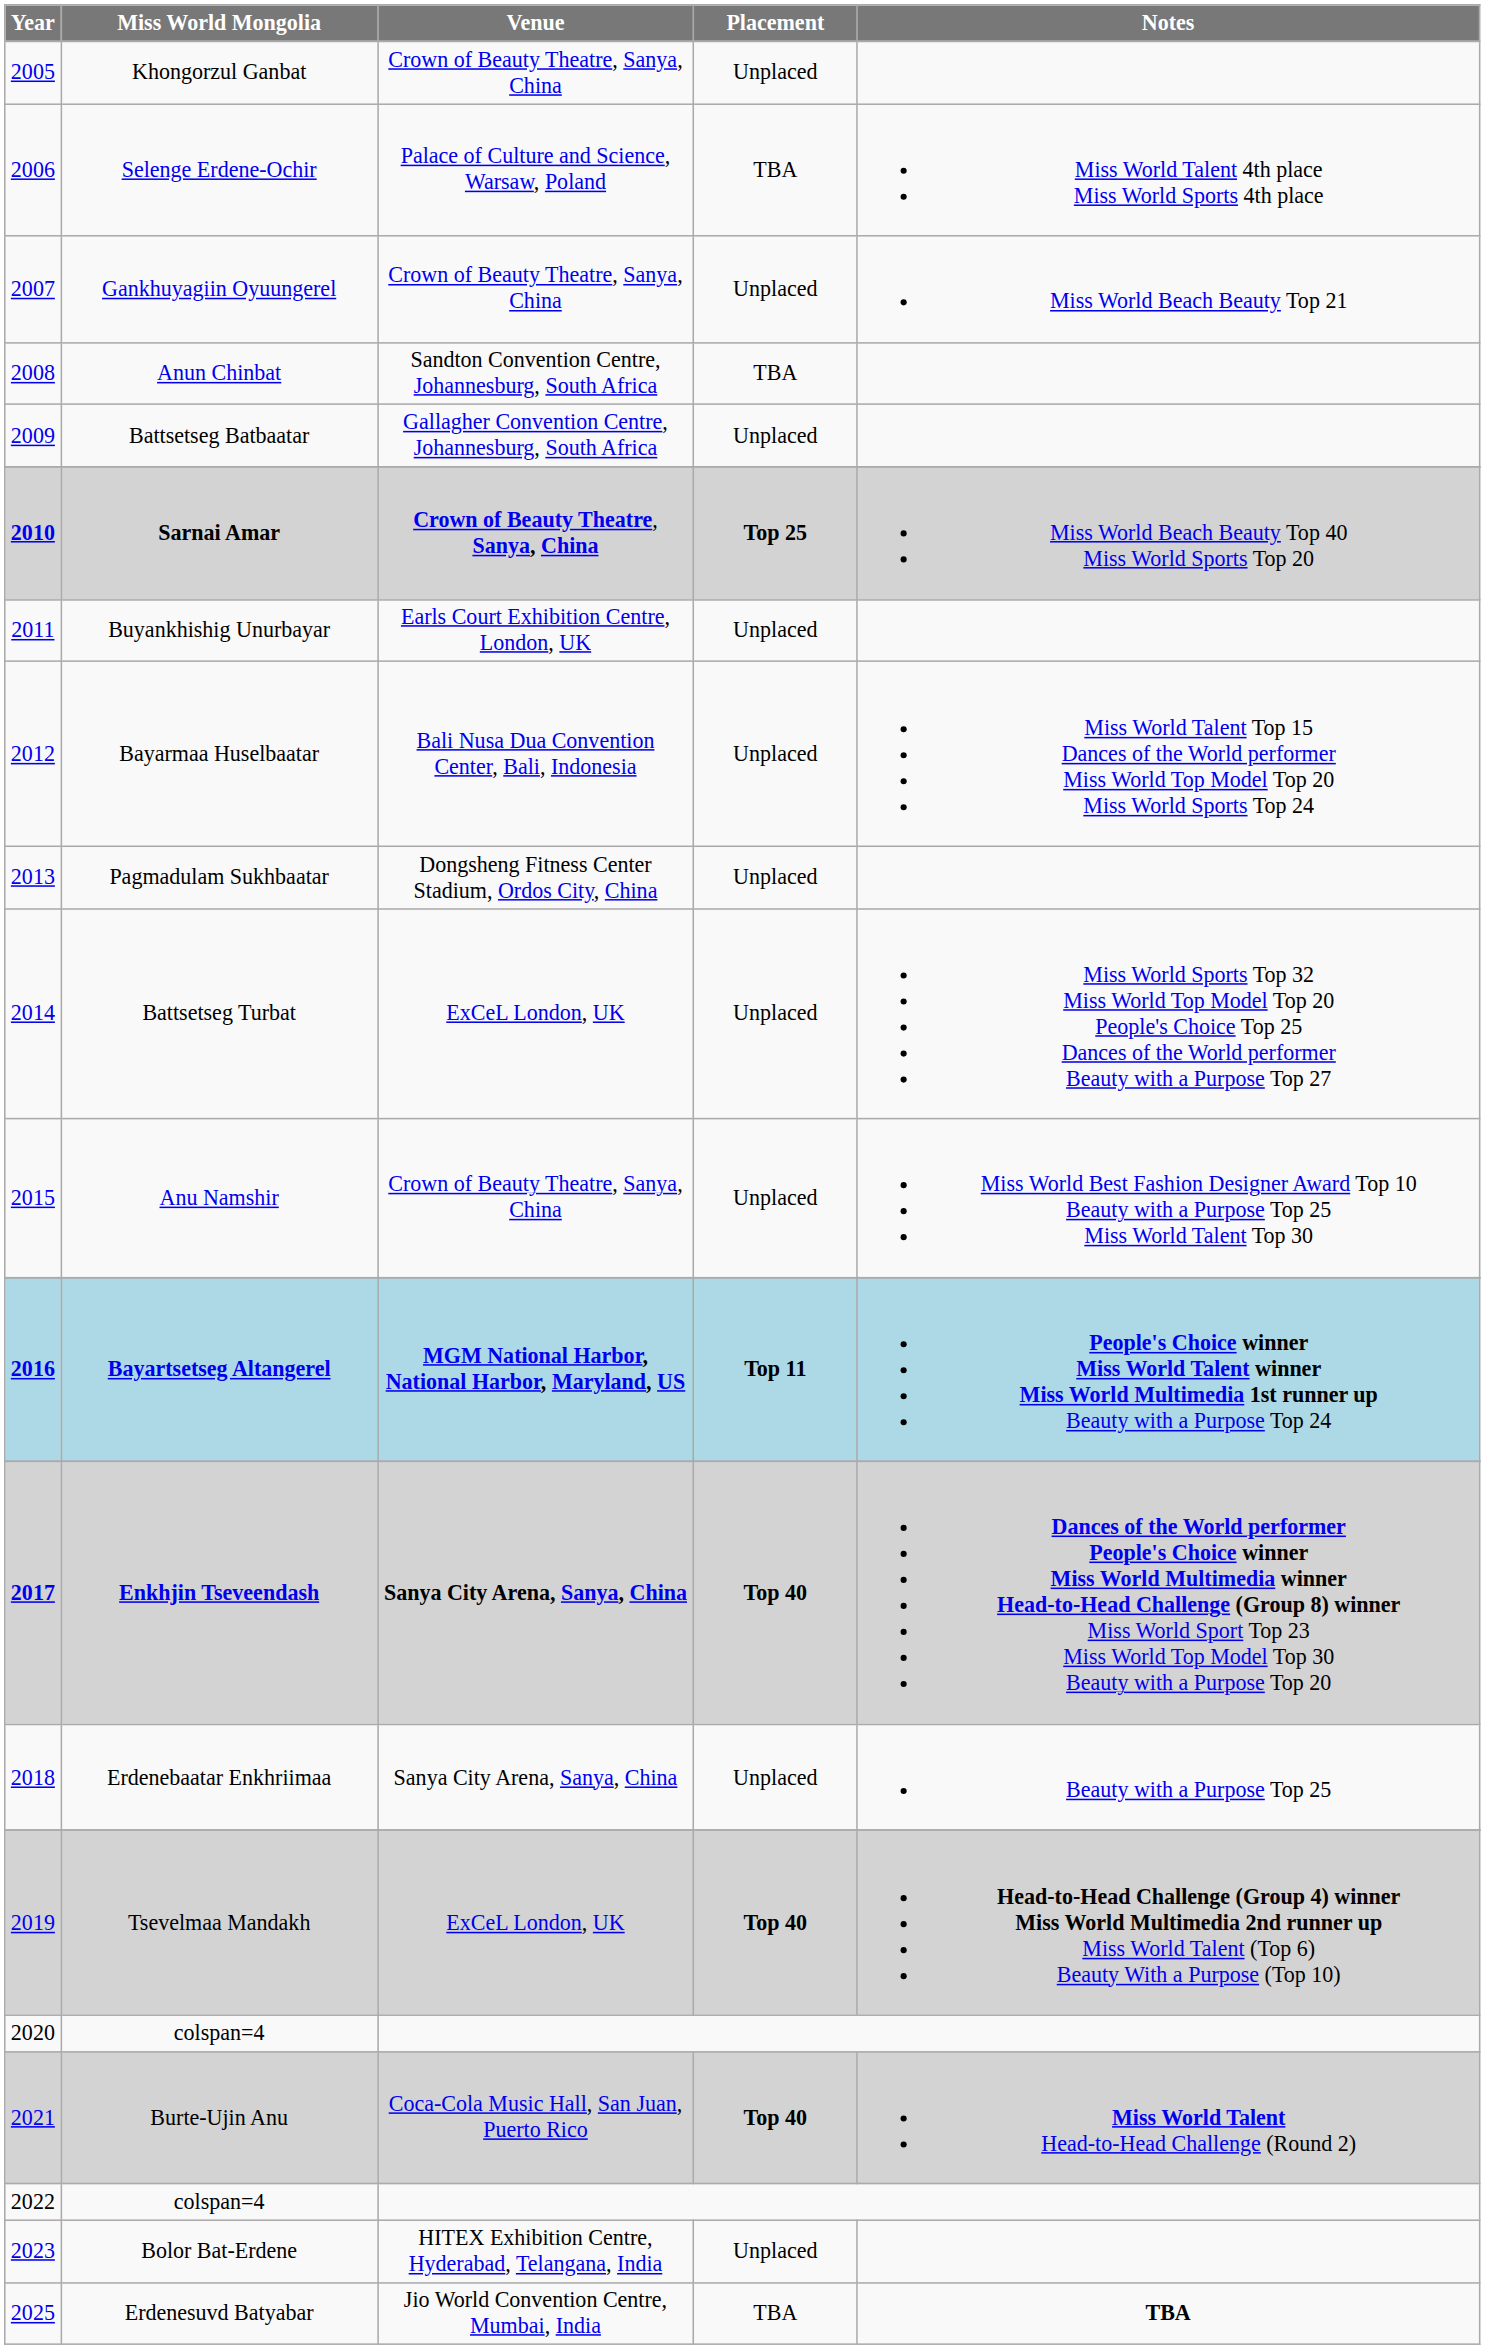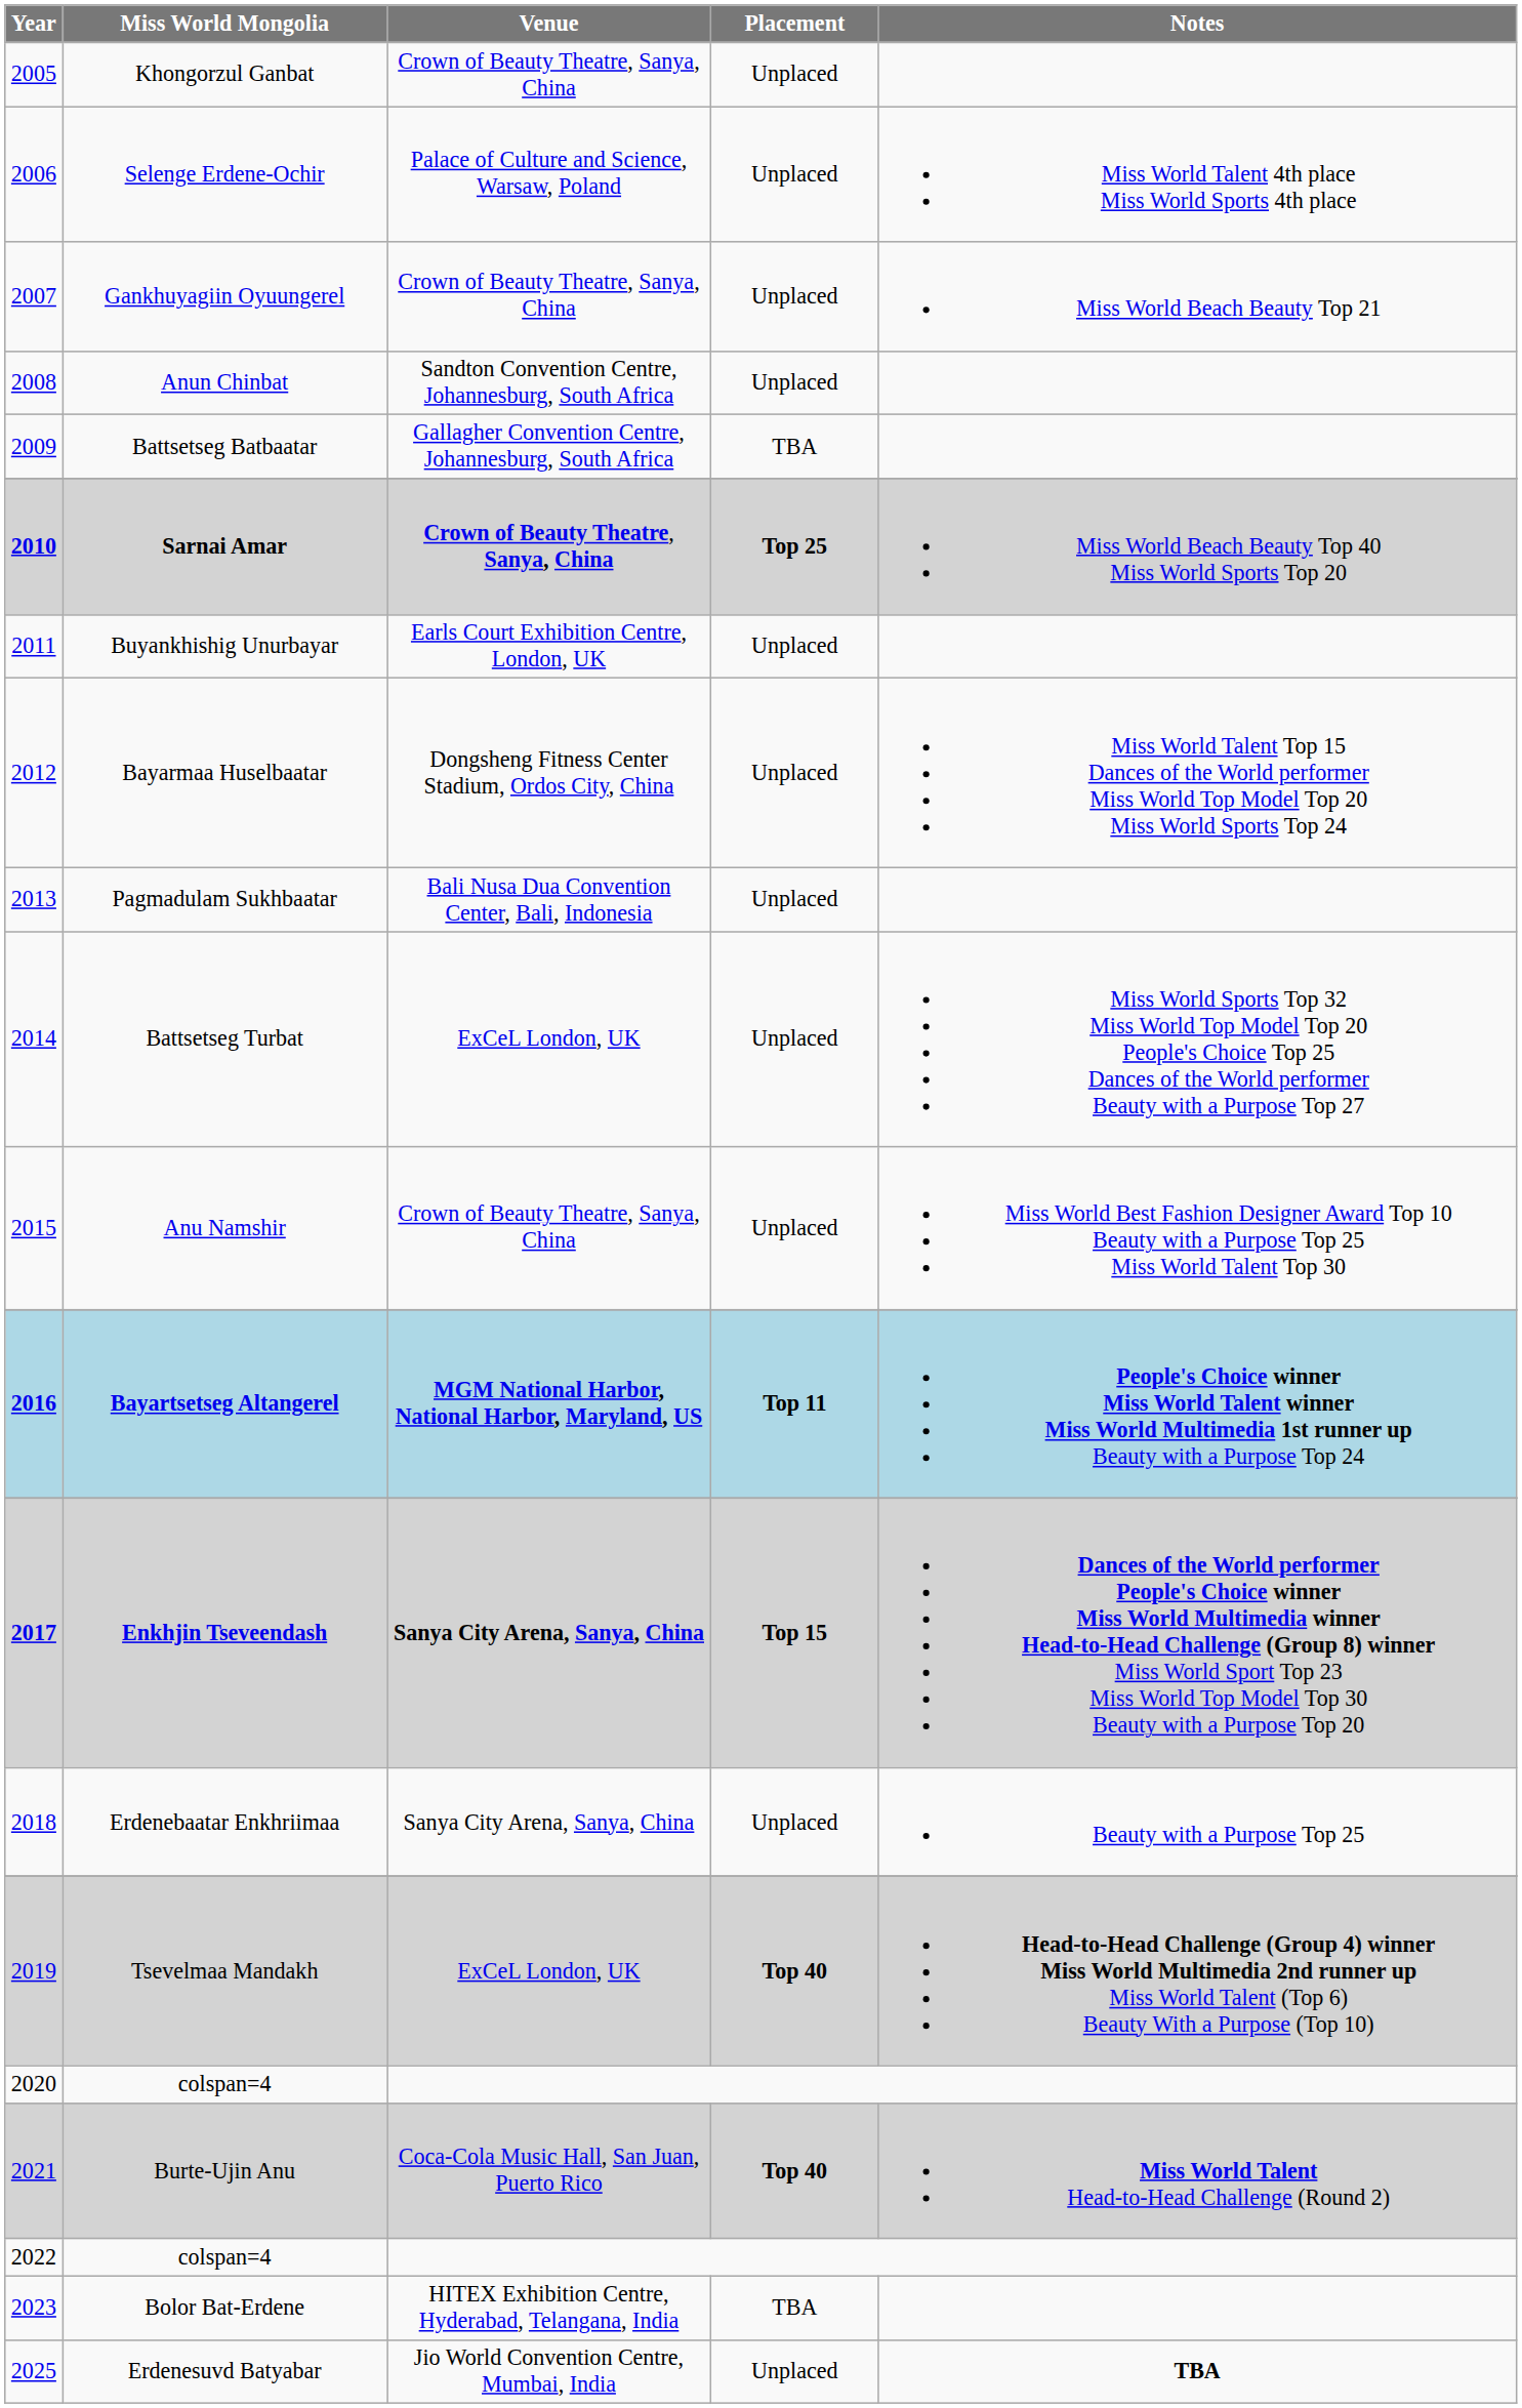 <table class="wikitable sortable" style="font-size: 90%; text-align:center">
 <tr>
 <th width="30" style="background-color:#787878;color:#FFFFFF;">Year</th>
 <th width="200" style="background-color:#787878;color:#FFFFFF;">Miss World Mongolia</th>
 <th width="200" style="background-color:#787878;color:#FFFFFF;">Venue</th>
 <th width="100" style="background-color:#787878;color:#FFFFFF;">Placement</th>
 <th width="400" style="background-color:#787878;color:#FFFFFF;">Notes</th>
 </tr>
 <tr>
 <td><a href='#'>2005</a></td>
 <td>Khongorzul Ganbat</td>
 <td><a href='#'>Crown of Beauty Theatre</a>, <a href='#'>Sanya</a>, <a href='#'>China</a></td>
 <td>Unplaced</td>
 <td></td>
 </tr>
 <tr>
 <td><a href='#'>2006</a></td>
 <td><a href='#'>Selenge Erdene-Ochir</a></td>
 <td><a href='#'>Palace of Culture and Science</a>, <a href='#'>Warsaw</a>, <a href='#'>Poland</a></td>
-<td>TBA</td>
+<td>Unplaced</td>
 <td><br><ul><li><a href='#'>Miss World Talent</a> 4th place</li><li><a href='#'>Miss World Sports</a> 4th place</li></ul></td>
 </tr>
 <tr>
 <td><a href='#'>2007</a></td>
 <td><a href='#'>Gankhuyagiin Oyuungerel</a></td>
 <td><a href='#'>Crown of Beauty Theatre</a>, <a href='#'>Sanya</a>, <a href='#'>China</a></td>
 <td>Unplaced</td>
 <td><br><ul><li><a href='#'>Miss World Beach Beauty</a> Top 21</li></ul></td>
 </tr>
 <tr>
 <td><a href='#'>2008</a></td>
 <td><a href='#'>Anun Chinbat</a></td>
 <td>Sandton Convention Centre, <a href='#'>Johannesburg</a>, <a href='#'>South Africa</a></td>
-<td>TBA</td>
+<td>Unplaced</td>
 <td></td>
 </tr>
 <tr>
 <td><a href='#'>2009</a></td>
 <td>Battsetseg Batbaatar</td>
 <td><a href='#'>Gallagher Convention Centre</a>, <a href='#'>Johannesburg</a>, <a href='#'>South Africa</a></td>
-<td>Unplaced</td>
+<td>TBA</td>
 <td></td>
 </tr>
 <tr>
 </tr>
 <tr style="background-color:#D3D3D3;">
 <td><a href='#'><strong>2010</strong></a></td>
 <td><strong>Sarnai Amar</strong></td>
 <td><strong><a href='#'>Crown of Beauty Theatre</a></strong>, <strong><a href='#'>Sanya</a>, <a href='#'>China</a></strong></td>
 <td><strong>Top 25</strong></td>
 <td><br><ul><li><a href='#'>Miss World Beach Beauty</a> Top 40</li><li><a href='#'>Miss World Sports</a> Top 20</li></ul></td>
 </tr>
 <tr />
 <td><a href='#'>2011</a></td>
 <td>Buyankhishig Unurbayar</td>
 <td><a href='#'>Earls Court Exhibition Centre</a>, <a href='#'>London</a>, <a href='#'>UK</a></td>
 <td>Unplaced</td>
 <td></td>
 </tr>
 <tr>
 <td><a href='#'>2012</a></td>
 <td>Bayarmaa Huselbaatar</td>
-<td><a href='#'>Bali Nusa Dua Convention Center</a>, <a href='#'>Bali</a>, <a href='#'>Indonesia</a></td>
+<td>Dongsheng Fitness Center Stadium, <a href='#'>Ordos City</a>, <a href='#'>China</a></td>
 <td>Unplaced</td>
 <td><br><ul><li><a href='#'>Miss World Talent</a> Top 15</li><li><a href='#'>Dances of the World performer</a></li><li><a href='#'>Miss World Top Model</a> Top 20</li><li><a href='#'>Miss World Sports</a> Top 24</li></ul></td>
 </tr>
 <tr>
 <td><a href='#'>2013</a></td>
 <td>Pagmadulam Sukhbaatar</td>
-<td>Dongsheng Fitness Center Stadium, <a href='#'>Ordos City</a>, <a href='#'>China</a></td>
+<td><a href='#'>Bali Nusa Dua Convention Center</a>, <a href='#'>Bali</a>, <a href='#'>Indonesia</a></td>
 <td>Unplaced</td>
 <td></td>
 </tr>
 <tr>
 <td><a href='#'>2014</a></td>
 <td>Battsetseg Turbat</td>
 <td><a href='#'>ExCeL London</a>, <a href='#'>UK</a></td>
 <td>Unplaced</td>
 <td><br><ul><li><a href='#'>Miss World Sports</a> Top 32</li><li><a href='#'>Miss World Top Model</a> Top 20</li><li><a href='#'>People's Choice</a> Top 25</li><li><a href='#'>Dances of the World performer</a></li><li><a href='#'>Beauty with a Purpose</a> Top 27</li></ul></td>
 </tr>
 <tr>
 <td><a href='#'>2015</a></td>
 <td><a href='#'>Anu Namshir</a></td>
 <td><a href='#'>Crown of Beauty Theatre</a>, <a href='#'>Sanya</a>, <a href='#'>China</a></td>
 <td>Unplaced</td>
 <td><br><ul><li><a href='#'>Miss World Best Fashion Designer Award</a> Top 10</li><li><a href='#'>Beauty with a Purpose</a> Top 25</li><li><a href='#'>Miss World Talent</a> Top 30</li></ul></td>
 </tr>
 <tr>
 </tr>
 <tr style="background-color:#ADD8E6;">
 <td><a href='#'><strong>2016</strong></a></td>
 <td><strong><a href='#'>Bayartsetseg Altangerel</a></strong></td>
 <td><strong><a href='#'>MGM National Harbor</a>, <a href='#'>National Harbor</a>, <a href='#'>Maryland</a>, <a href='#'>US</a></strong></td>
 <td><strong>Top 11</strong></td>
 <td><br><ul><li><strong><a href='#'>People's Choice</a> winner</strong></li><li><strong><a href='#'>Miss World Talent</a> winner</strong></li><li><strong><a href='#'>Miss World Multimedia</a> 1st runner up</strong></li><li><a href='#'>Beauty with a Purpose</a> Top 24</li></ul></td>
 </tr>
 <tr>
 </tr>
 <tr style="background-color:#D3D3D3;">
 <td><strong><a href='#'>2017</a></strong></td>
 <td><strong><a href='#'>Enkhjin Tseveendash</a></strong></td>
 <td><strong>Sanya City Arena, <a href='#'>Sanya</a>, <a href='#'>China</a></strong></td>
-<td><strong>Top 40</strong></td>
+<td><strong>Top 15</strong></td>
 <td><br><ul><li><strong><a href='#'>Dances of the World performer</a></strong></li><li><strong><a href='#'>People's Choice</a> winner</strong></li><li><strong><a href='#'>Miss World Multimedia</a> winner</strong></li><li><strong><a href='#'>Head-to-Head Challenge</a> (Group 8) winner</strong></li><li><a href='#'>Miss World Sport</a> Top 23</li><li><a href='#'>Miss World Top Model</a> Top 30</li><li><a href='#'>Beauty with a Purpose</a> Top 20</li></ul></td>
 </tr>
 <tr>
 <td><a href='#'>2018</a></td>
 <td>Erdenebaatar Enkhriimaa</td>
 <td>Sanya City Arena, <a href='#'>Sanya</a>, <a href='#'>China</a></td>
 <td>Unplaced</td>
 <td><br><ul><li><a href='#'>Beauty with a Purpose</a> Top 25</li></ul></td>
 </tr>
 <tr>
 </tr>
 <tr style="background-color:#D3D3D3;">
 <td><a href='#'>2019</a></td>
 <td>Tsevelmaa Mandakh</td>
 <td><a href='#'>ExCeL London</a>, <a href='#'>UK</a></td>
 <td><strong>Top 40</strong></td>
 <td><br><ul><li><strong>Head-to-Head Challenge (Group 4) winner</strong></li><li><strong>Miss World Multimedia 2nd runner up</strong></li><li><a href='#'>Miss World Talent</a> (Top 6)</li><li><a href='#'>Beauty With a Purpose</a> (Top 10)</li></ul></td>
 </tr>
 <tr>
 <td>2020</td>
 <td>colspan=4 </td>
 </tr>
 <tr style="background-color:#D3D3D3;">
 <td><a href='#'>2021</a></td>
 <td>Burte-Ujin Anu</td>
 <td><a href='#'>Coca-Cola Music Hall</a>, <a href='#'>San Juan</a>, <a href='#'>Puerto Rico</a></td>
 <td><strong>Top 40</strong></td>
 <td><br><ul><li><strong><a href='#'>Miss World Talent</a></strong></li><li><a href='#'>Head-to-Head Challenge</a> (Round 2)</li></ul></td>
 </tr>
 <tr>
 <td>2022</td>
 <td>colspan=4 </td>
 </tr>
 <tr>
 <td><a href='#'>2023</a></td>
 <td>Bolor Bat-Erdene</td>
 <td>HITEX Exhibition Centre, <a href='#'>Hyderabad</a>, <a href='#'>Telangana</a>, <a href='#'>India</a></td>
-<td>Unplaced</td>
+<td>TBA</td>
 <td></td>
 </tr>
 <tr>
 <td><a href='#'>2025</a></td>
 <td>Erdenesuvd Batyabar</td>
 <td>Jio World Convention Centre, <a href='#'>Mumbai</a>, <a href='#'>India</a></td>
-<td>TBA</td>
+<td>Unplaced</td>
 <td><strong>TBA</strong></td>
 </tr>
 </table>
